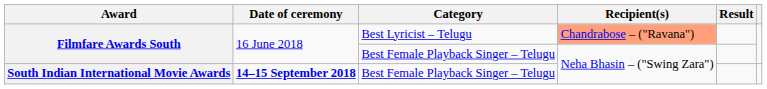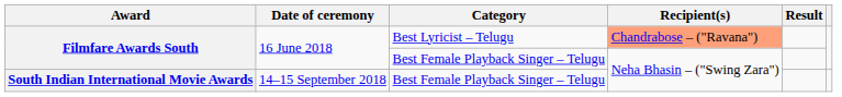 <table class="wikitable plainrowheaders sortable">
 <tr>
 <th scope="col">Award</th>
 <th scope="col">Date of ceremony</th>
 <th scope="col">Category</th>
 <th scope="col">Recipient(s)</th>
 <th scope="col" class="unsortable">Result</th>
 <th scope="col" class="unsortable"></th>
 </tr>
 <tr>
 <th scope="row" rowspan="2"><a href='#'>Filmfare Awards South</a></th>
 <td rowspan="2"><a href='#'>16 June 2018</a></td>
 <td><a href='#'>Best Lyricist – Telugu</a></td>
 <td style="background: lightsalmon;"><a href='#'>Chandrabose</a> – ("Ravana")</td>
 <td></td>
 <td style="text-align:center;" rowspan="2"></td>
 </tr>
 <tr>
 <td><a href='#'>Best Female Playback Singer – Telugu</a></td>
 <td rowspan="2"><a href='#'>Neha Bhasin</a> – ("Swing Zara")</td>
 <td></td>
 </tr>
 <tr>
 <th scope="row"><a href='#'>South Indian International Movie Awards</a></th>
-<td><strong><a href='#'>14–15 September 2018</a></strong></td>
+<td><a href='#'>14–15 September 2018</a></td>
 <td><a href='#'>Best Female Playback Singer – Telugu</a></td>
 <td></td>
 <td style="text-align:center;"></td>
 </tr>
 </table>
